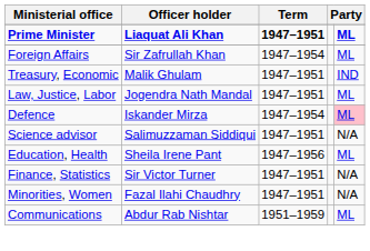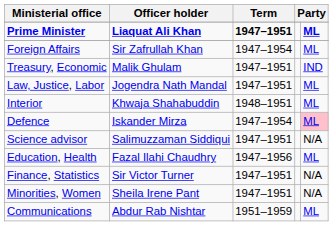 <table class="wikitable sortable">
 <tr>
 <th>Ministerial office</th>
 <th>Officer holder</th>
 <th>Term</th>
 <th colspan="2">Party</th>
 </tr>
 <tr>
 </tr>
 <tr>
 <td align="left"><strong><a href='#'>Prime Minister</a></strong></td>
 <td align="left"><strong><a href='#'>Liaquat Ali Khan</a></strong></td>
 <td align="left"><strong>1947–1951</strong></td>
 <td align=center style="background-color: "></td>
 <td><strong><a href='#'>ML</a></strong></td>
 </tr>
 <tr>
 </tr>
 <tr>
 <td align="left"><a href='#'>Foreign Affairs</a></td>
 <td align="left"><a href='#'>Sir Zafrullah Khan</a></td>
 <td align="left">1947–1954</td>
 <td align=center style="background-color: "></td>
 <td><a href='#'>ML</a></td>
 </tr>
 <tr>
 <td align="left"><a href='#'>Treasury</a>, <a href='#'>Economic</a></td>
 <td align="left"><a href='#'>Malik Ghulam</a></td>
 <td align="left">1947–1951</td>
 <td align=center style="background-color: "></td>
 <td><a href='#'>IND</a></td>
 </tr>
 <tr>
 <td align="left"><a href='#'>Law, Justice</a>, <a href='#'>Labor</a></td>
 <td align="left"><a href='#'>Jogendra Nath Mandal</a></td>
 <td align="left">1947–1951</td>
 <td align=center style="background-color: "></td>
 <td><a href='#'>ML</a></td>
 </tr>
 <tr>
+<td align="left"><a href='#'>Interior</a></td>
+<td><a href='#'>Khwaja Shahabuddin</a></td>
+<td align="left">1948–1951</td>
+<td align=center style="background-color: "></td>
+<td><a href='#'>ML</a></td>
+</tr>
+<tr>
 <td align="left"><a href='#'>Defence</a></td>
 <td align="left"><a href='#'>Iskander Mirza</a></td>
 <td align="left">1947–1954</td>
 <td align=center style="background-color: "></td>
 <td style="background: pink;"><a href='#'>ML</a></td>
 </tr>
 <tr>
 <td align="left"><a href='#'>Science advisor</a></td>
 <td align="left"><a href='#'>Salimuzzaman Siddiqui</a></td>
 <td align="left">1947–1951</td>
 <td align=center style="background-color: "></td>
 <td>N/A</td>
 </tr>
 <tr>
 <td align="left"><a href='#'>Education</a>, <a href='#'>Health</a></td>
-<td align="left"><a href='#'>Sheila Irene Pant</a></td>
+<td align="left"><a href='#'>Fazal Ilahi Chaudhry</a></td>
 <td align="left">1947–1956</td>
 <td align=center style="background-color: "></td>
 <td><a href='#'>ML</a></td>
 </tr>
 <tr>
 <td align="left"><a href='#'>Finance</a>, <a href='#'>Statistics</a></td>
 <td align="left"><a href='#'>Sir Victor Turner</a></td>
 <td align="left">1947–1951</td>
 <td align=center style="background-color: "></td>
 <td>N/A</td>
 </tr>
 <tr>
 <td align="left"><a href='#'>Minorities</a>, <a href='#'>Women</a></td>
-<td align="left"><a href='#'>Fazal Ilahi Chaudhry</a></td>
+<td align="left"><a href='#'>Sheila Irene Pant</a></td>
 <td align="left">1947–1951</td>
 <td align=center style="background-color: "></td>
 <td>N/A</td>
 </tr>
 <tr>
 <td align="left"><a href='#'>Communications</a></td>
 <td align="left"><a href='#'>Abdur Rab Nishtar</a></td>
 <td align="left">1951–1959</td>
 <td align=center style="background-color: "></td>
 <td><a href='#'>ML</a></td>
 </tr>
 </table>
